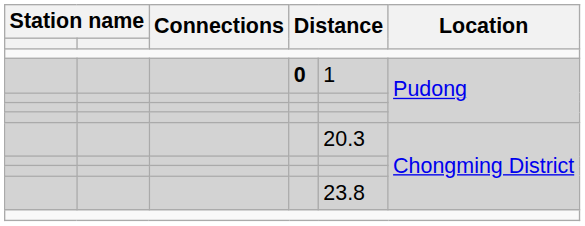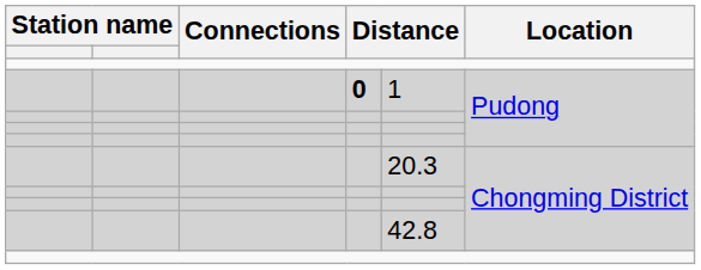 <table class="wikitable">
 <tr>
 <th colspan="2">Station name</th>
 <th rowspan="2">Connections</th>
 <th colspan="2" rowspan="2">Distance<br></th>
 <th rowspan="2">Location</th>
 </tr>
 <tr>
 <th></th>
 <th></th>
 </tr>
 <tr style="background:#">
 <td colspan = "6"></td>
 </tr>
 <tr bgcolor="lightgrey">
 <td></td>
 <td></td>
 <td></td>
 <td><strong>0</strong></td>
 <td>1</td>
 <td rowspan="4"><a href='#'>Pudong</a></td>
 </tr>
 <tr bgcolor="lightgrey">
 <td></td>
 <td></td>
 <td></td>
 <td></td>
 <td></td>
 </tr>
 <tr bgcolor="lightgrey">
 <td></td>
 <td></td>
 <td></td>
 <td></td>
 <td></td>
 </tr>
 <tr bgcolor="lightgrey">
 <td></td>
 <td></td>
 <td></td>
 <td></td>
 <td></td>
 </tr>
 <tr bgcolor="lightgrey">
 <td></td>
 <td></td>
 <td></td>
 <td></td>
 <td>20.3</td>
 <td rowspan="4"><a href='#'>Chongming District</a></td>
 </tr>
 <tr bgcolor="lightgrey">
 <td></td>
 <td></td>
 <td></td>
 <td></td>
 <td></td>
 </tr>
 <tr bgcolor="lightgrey">
 <td></td>
 <td></td>
 <td></td>
 <td></td>
 <td></td>
 </tr>
 <tr bgcolor="lightgrey">
 <td></td>
 <td></td>
 <td></td>
 <td></td>
-<td>23.8</td>
+<td>42.8</td>
 </tr>
 <tr style="background:#">
 <td colspan = "6"></td>
 </tr>
 </table>
